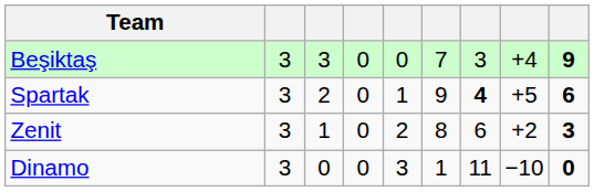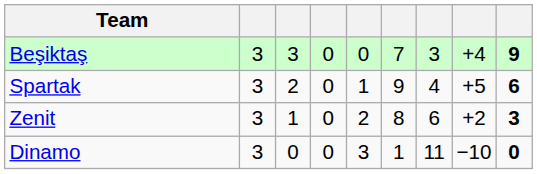 <table class="wikitable" style="text-align:center;">
 <tr>
 <th width=175>Team</th>
 <th width=20></th>
 <th width=20></th>
 <th width=20></th>
 <th width=20></th>
 <th width=20></th>
 <th width=20></th>
 <th width=20></th>
 <th width=20></th>
 </tr>
 <tr bgcolor=ccffcc>
 <td align="left"> <a href='#'>Beşiktaş</a></td>
 <td>3</td>
 <td>3</td>
 <td>0</td>
 <td>0</td>
 <td>7</td>
 <td>3</td>
 <td>+4</td>
 <td><strong>9</strong></td>
 </tr>
 <tr>
 <td align="left"> <a href='#'>Spartak</a></td>
 <td>3</td>
 <td>2</td>
 <td>0</td>
 <td>1</td>
 <td>9</td>
-<td><strong>4</strong></td>
+<td>4</td>
 <td>+5</td>
 <td><strong>6</strong></td>
 </tr>
 <tr>
 <td align="left"> <a href='#'>Zenit</a></td>
 <td>3</td>
 <td>1</td>
 <td>0</td>
 <td>2</td>
 <td>8</td>
 <td>6</td>
 <td>+2</td>
 <td><strong>3</strong></td>
 </tr>
 <tr>
 <td align="left">  <a href='#'>Dinamo</a></td>
 <td>3</td>
 <td>0</td>
 <td>0</td>
 <td>3</td>
 <td>1</td>
 <td>11</td>
 <td>−10</td>
 <td><strong>0</strong></td>
 </tr>
 </table>
